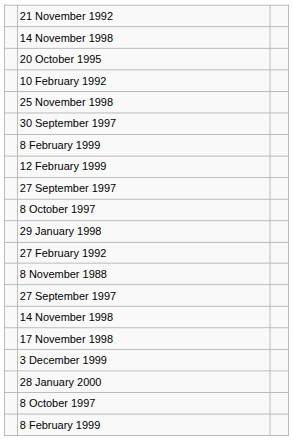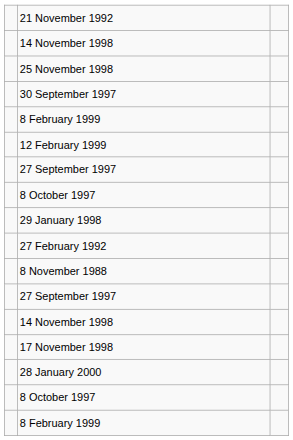 <table class="wikitable" style="font-size: 89%; float: left; width: 26em; margin-right: 1em; height: 560px;">
 <tr>
 <td></td>
 <td>21 November 1992</td>
 <td></td>
 </tr>
 <tr>
 <td></td>
 <td>14 November 1998</td>
-<td></td>
-</tr>
-<tr>
-<td></td>
-<td>20 October 1995</td>
-<td></td>
-</tr>
-<tr>
-<td></td>
-<td>10 February 1992</td>
 <td></td>
 </tr>
 <tr>
 <td></td>
 <td>25 November 1998</td>
 <td></td>
 </tr>
 <tr>
 <td></td>
 <td>30 September 1997</td>
 <td></td>
 </tr>
 <tr>
 <td></td>
 <td>8 February 1999</td>
 <td></td>
 </tr>
 <tr>
 <td></td>
 <td>12 February 1999</td>
 <td></td>
 </tr>
 <tr>
 <td></td>
 <td>27 September 1997</td>
 <td></td>
 </tr>
 <tr>
 <td></td>
 <td>8 October 1997</td>
 <td></td>
 </tr>
 <tr>
 <td></td>
 <td>29 January 1998</td>
 <td></td>
 </tr>
 <tr>
 <td></td>
 <td>27 February 1992</td>
 <td></td>
 </tr>
 <tr>
 <td></td>
 <td>8 November 1988</td>
 <td> </td>
 </tr>
 <tr>
 <td></td>
 <td>27 September 1997</td>
 <td></td>
 </tr>
 <tr>
 <td></td>
 <td>14 November 1998</td>
 <td></td>
 </tr>
 <tr>
 <td></td>
 <td>17 November 1998</td>
 <td></td>
 </tr>
 <tr>
 <td></td>
-<td>3 December 1999</td>
-<td></td>
-</tr>
-<tr>
-<td></td>
 <td>28 January 2000</td>
 <td></td>
 </tr>
 <tr>
 <td></td>
 <td>8 October 1997</td>
 <td></td>
 </tr>
 <tr>
 <td></td>
 <td>8 February 1999</td>
 <td></td>
 </tr>
 </table>
